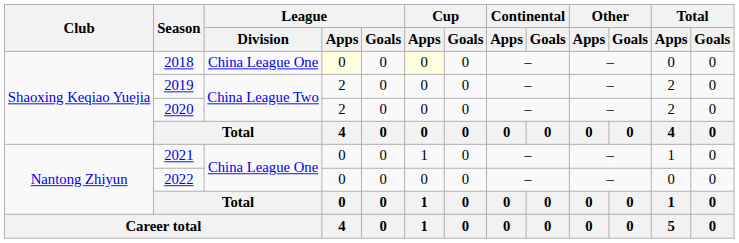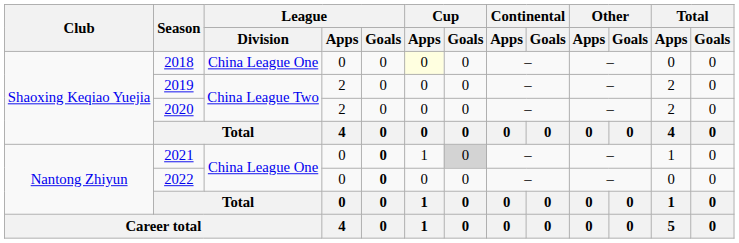 <table class="wikitable" style="text-align: center">
 <tr>
 <th rowspan="2">Club</th>
 <th rowspan="2">Season</th>
 <th colspan="3">League</th>
 <th colspan="2">Cup</th>
 <th colspan="2">Continental</th>
 <th colspan="2">Other</th>
 <th colspan="2">Total</th>
 </tr>
 <tr>
 <th>Division</th>
 <th>Apps</th>
 <th>Goals</th>
 <th>Apps</th>
 <th>Goals</th>
 <th>Apps</th>
 <th>Goals</th>
 <th>Apps</th>
 <th>Goals</th>
 <th>Apps</th>
 <th>Goals</th>
 </tr>
 <tr>
 <td rowspan="4"><a href='#'>Shaoxing Keqiao Yuejia</a></td>
 <td><a href='#'>2018</a></td>
 <td><a href='#'>China League One</a></td>
-<td style="background: lightyellow;">0</td>
+<td>0</td>
 <td>0</td>
 <td style="background: lightyellow;">0</td>
 <td>0</td>
 <td colspan="2">–</td>
 <td colspan="2">–</td>
 <td>0</td>
 <td>0</td>
 </tr>
 <tr>
 <td><a href='#'>2019</a></td>
 <td rowspan="2"><a href='#'>China League Two</a></td>
 <td>2</td>
 <td>0</td>
 <td>0</td>
 <td>0</td>
 <td colspan="2">–</td>
 <td colspan="2">–</td>
 <td>2</td>
 <td>0</td>
 </tr>
 <tr>
 <td><a href='#'>2020</a></td>
 <td>2</td>
 <td>0</td>
 <td>0</td>
 <td>0</td>
 <td colspan="2">–</td>
 <td colspan="2">–</td>
 <td>2</td>
 <td>0</td>
 </tr>
 <tr>
 <th colspan=2>Total</th>
 <th>4</th>
 <th>0</th>
 <th>0</th>
 <th>0</th>
 <th>0</th>
 <th>0</th>
 <th>0</th>
 <th>0</th>
 <th>4</th>
 <th>0</th>
 </tr>
 <tr>
 <td rowspan=3><a href='#'>Nantong Zhiyun</a></td>
 <td><a href='#'>2021</a></td>
 <td rowspan=2><a href='#'>China League One</a></td>
 <td>0</td>
-<td>0</td>
+<td><strong>0</strong></td>
 <td>1</td>
-<td>0</td>
+<td style="background: lightgrey;">0</td>
 <td colspan="2">–</td>
 <td colspan="2">–</td>
 <td>1</td>
 <td>0</td>
 </tr>
 <tr>
 <td><a href='#'>2022</a></td>
 <td>0</td>
-<td>0</td>
+<td><strong>0</strong></td>
 <td>0</td>
 <td>0</td>
 <td colspan="2">–</td>
 <td colspan="2">–</td>
 <td>0</td>
 <td>0</td>
 </tr>
 <tr>
 <th colspan=2>Total</th>
 <th>0</th>
 <th>0</th>
 <th>1</th>
 <th>0</th>
 <th>0</th>
 <th>0</th>
 <th>0</th>
 <th>0</th>
 <th>1</th>
 <th>0</th>
 </tr>
 <tr>
 <th colspan=3>Career total</th>
 <th>4</th>
 <th>0</th>
 <th>1</th>
 <th>0</th>
 <th>0</th>
 <th>0</th>
 <th>0</th>
 <th>0</th>
 <th>5</th>
 <th>0</th>
 </tr>
 </table>
